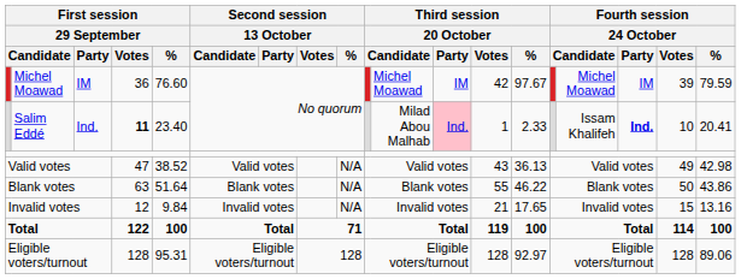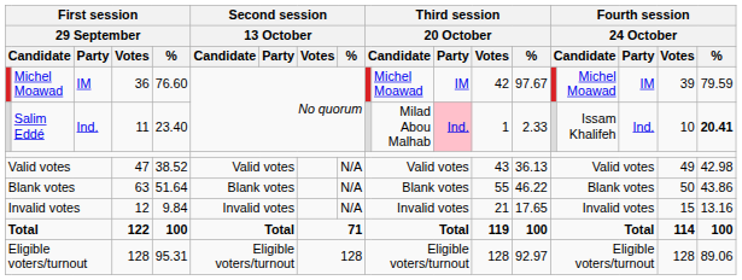 <table class="wikitable" style="text-align:right">
 <tr>
 <th colspan="5">First session</th>
 <th colspan="4">Second session</th>
 <th colspan="5">Third session</th>
 <th colspan="5">Fourth session</th>
 </tr>
 <tr>
 <th colspan="5">29 September</th>
 <th colspan="4">13 October</th>
 <th colspan="5">20 October</th>
 <th colspan="5">24 October</th>
 </tr>
 <tr>
 <th colspan="2">Candidate</th>
 <th>Party</th>
 <th>Votes</th>
 <th>%</th>
 <th>Candidate</th>
 <th>Party</th>
 <th>Votes</th>
 <th>%</th>
 <th colspan="2">Candidate</th>
 <th>Party</th>
 <th>Votes</th>
 <th>%</th>
 <th colspan="2">Candidate</th>
 <th>Party</th>
 <th>Votes</th>
 <th>%</th>
 </tr>
 <tr>
 <td bgcolor="#DA2125"></td>
 <td align="left"><a href='#'>Michel Moawad</a></td>
 <td align="left"><a href='#'>IM</a></td>
 <td>36</td>
 <td>76.60</td>
 <td colspan="4" rowspan="2"><em>No quorum</em></td>
 <td bgcolor="#DA2125"></td>
 <td align="left"><a href='#'>Michel Moawad</a></td>
 <td><a href='#'>IM</a></td>
 <td>42</td>
 <td>97.67</td>
 <td bgcolor="#DA2125"></td>
 <td><a href='#'>Michel Moawad</a></td>
 <td><a href='#'>IM</a></td>
 <td>39</td>
 <td>79.59</td>
 </tr>
 <tr>
 <td bgcolor="#DCDCDC"></td>
 <td align="left"><a href='#'>Salim Eddé</a></td>
 <td align="left"><a href='#'>Ind.</a></td>
-<td><strong>11</strong></td>
+<td>11</td>
 <td>23.40</td>
 <td bgcolor="#DCDCDC"></td>
 <td>Milad Abou Malhab</td>
 <td style="background: pink;"><a href='#'>Ind.</a></td>
 <td>1</td>
 <td>2.33</td>
 <td bgcolor="#DCDCDC"></td>
 <td>Issam Khalifeh</td>
-<td><strong><a href='#'>Ind.</a></strong></td>
+<td><a href='#'>Ind.</a></td>
 <td>10</td>
-<td>20.41</td>
+<td><strong>20.41</strong></td>
 </tr>
 <tr>
 <td colspan="5"></td>
 <td colspan="4"></td>
 <td colspan="5"></td>
 <td colspan="5"></td>
 </tr>
 <tr>
 <td colspan="3" style="text-align:left;">Valid votes</td>
 <td>47</td>
 <td>38.52</td>
 <td colspan="2">Valid votes</td>
 <td></td>
 <td>N/A</td>
 <td colspan="3">Valid votes</td>
 <td>43</td>
 <td>36.13</td>
 <td colspan="3">Valid votes</td>
 <td>49</td>
 <td>42.98</td>
 </tr>
 <tr>
 <td colspan="3" style="text-align:left;">Blank votes</td>
 <td>63</td>
 <td>51.64</td>
 <td colspan="2">Blank votes</td>
 <td></td>
 <td>N/A</td>
 <td colspan="3">Blank votes</td>
 <td>55</td>
 <td>46.22</td>
 <td colspan="3">Blank votes</td>
 <td>50</td>
 <td>43.86</td>
 </tr>
 <tr>
 <td colspan="3" style="text-align:left;">Invalid votes</td>
 <td>12</td>
 <td>9.84</td>
 <td colspan="2">Invalid votes</td>
 <td></td>
 <td>N/A</td>
 <td colspan="3">Invalid votes</td>
 <td>21</td>
 <td>17.65</td>
 <td colspan="3">Invalid votes</td>
 <td>15</td>
 <td>13.16</td>
 </tr>
 <tr>
 <td colspan="3" style="text-align:left;"><strong>Total</strong></td>
 <td><strong>122</strong></td>
 <td><strong>100</strong></td>
 <td colspan="2"><strong>Total</strong></td>
 <td colspan="2"><strong>71</strong></td>
 <td colspan="3"><strong>Total</strong></td>
 <td><strong>119</strong></td>
 <td><strong>100</strong></td>
 <td colspan="3"><strong>Total</strong></td>
 <td><strong>114</strong></td>
 <td><strong>100</strong></td>
 </tr>
 <tr>
 <td colspan="3" style="text-align:left;">Eligible voters/turnout</td>
 <td>128</td>
 <td>95.31</td>
 <td colspan="2">Eligible voters/turnout</td>
 <td colspan="2">128</td>
 <td colspan="3">Eligible voters/turnout</td>
 <td>128</td>
 <td>92.97</td>
 <td colspan="3">Eligible voters/turnout</td>
 <td>128</td>
 <td>89.06</td>
 </tr>
 </table>
